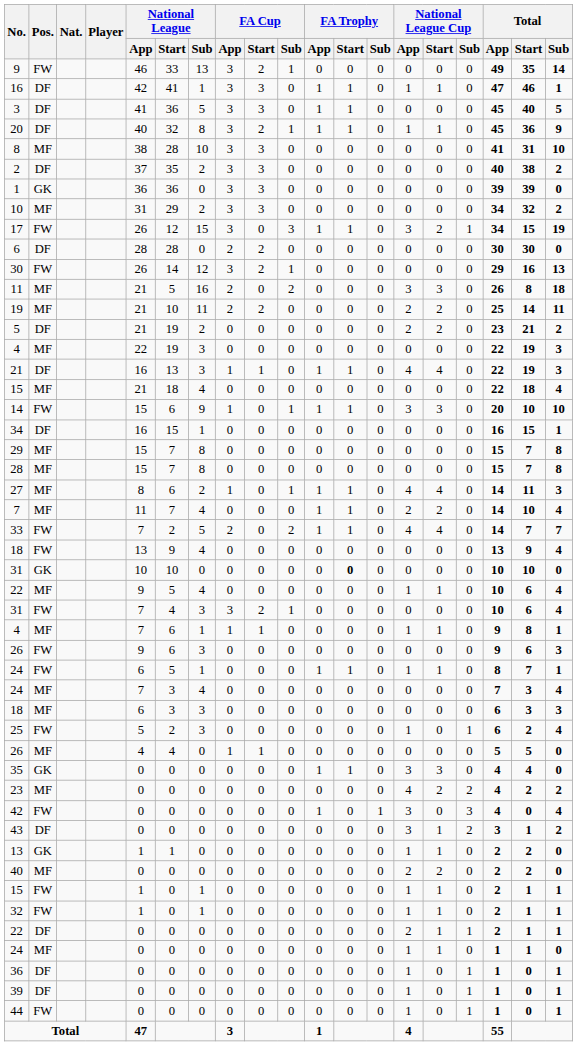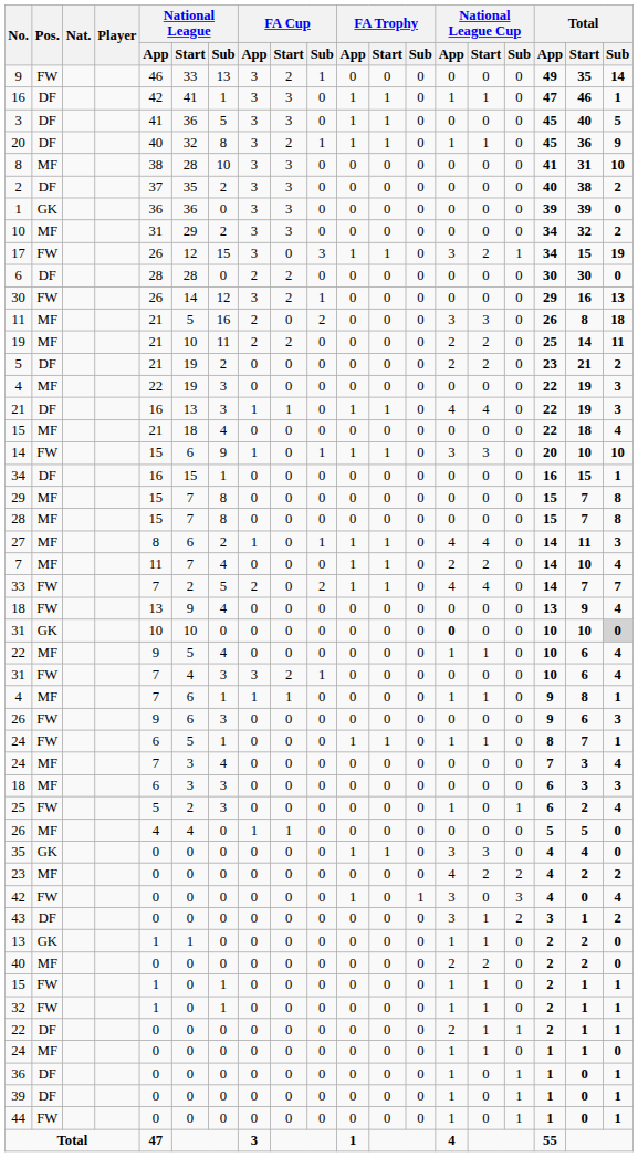 <table class="wikitable" style="text-align:center">
 <tr>
 <th rowspan="2">No.</th>
 <th rowspan="2">Pos.</th>
 <th rowspan="2">Nat.</th>
 <th rowspan="2">Player</th>
 <th colspan="3"><a href='#'>National League</a></th>
 <th colspan="3"><a href='#'>FA Cup</a></th>
 <th colspan="3"><a href='#'>FA Trophy</a></th>
 <th colspan="3"><a href='#'>National League Cup</a></th>
 <th colspan="3">Total</th>
 </tr>
 <tr>
 <th>App</th>
 <th>Start</th>
 <th>Sub</th>
 <th>App</th>
 <th>Start</th>
 <th>Sub</th>
 <th>App</th>
 <th>Start</th>
 <th>Sub</th>
 <th>App</th>
 <th>Start</th>
 <th>Sub</th>
 <th>App</th>
 <th>Start</th>
 <th>Sub</th>
 </tr>
 <tr>
 <td>9</td>
 <td>FW</td>
 <td></td>
 <td align=left></td>
 <td>46</td>
 <td>33</td>
 <td>13</td>
 <td>3</td>
 <td>2</td>
 <td>1</td>
 <td>0</td>
 <td>0</td>
 <td>0</td>
 <td>0</td>
 <td>0</td>
 <td>0</td>
 <td><strong>49</strong></td>
 <td><strong>35</strong></td>
 <td><strong>14</strong></td>
 </tr>
 <tr>
 <td>16</td>
 <td>DF</td>
 <td></td>
 <td align=left></td>
 <td>42</td>
 <td>41</td>
 <td>1</td>
 <td>3</td>
 <td>3</td>
 <td>0</td>
 <td>1</td>
 <td>1</td>
 <td>0</td>
 <td>1</td>
 <td>1</td>
 <td>0</td>
 <td><strong>47</strong></td>
 <td><strong>46</strong></td>
 <td><strong>1</strong></td>
 </tr>
 <tr>
 <td>3</td>
 <td>DF</td>
 <td></td>
 <td align=left></td>
 <td>41</td>
 <td>36</td>
 <td>5</td>
 <td>3</td>
 <td>3</td>
 <td>0</td>
 <td>1</td>
 <td>1</td>
 <td>0</td>
 <td>0</td>
 <td>0</td>
 <td>0</td>
 <td><strong>45</strong></td>
 <td><strong>40</strong></td>
 <td><strong>5</strong></td>
 </tr>
 <tr>
 <td>20</td>
 <td>DF</td>
 <td></td>
 <td align=left></td>
 <td>40</td>
 <td>32</td>
 <td>8</td>
 <td>3</td>
 <td>2</td>
 <td>1</td>
 <td>1</td>
 <td>1</td>
 <td>0</td>
 <td>1</td>
 <td>1</td>
 <td>0</td>
 <td><strong>45</strong></td>
 <td><strong>36</strong></td>
 <td><strong>9</strong></td>
 </tr>
 <tr>
 <td>8</td>
 <td>MF</td>
 <td></td>
 <td align=left></td>
 <td>38</td>
 <td>28</td>
 <td>10</td>
 <td>3</td>
 <td>3</td>
 <td>0</td>
 <td>0</td>
 <td>0</td>
 <td>0</td>
 <td>0</td>
 <td>0</td>
 <td>0</td>
 <td><strong>41</strong></td>
 <td><strong>31</strong></td>
 <td><strong>10</strong></td>
 </tr>
 <tr>
 <td>2</td>
 <td>DF</td>
 <td></td>
 <td align=left></td>
 <td>37</td>
 <td>35</td>
 <td>2</td>
 <td>3</td>
 <td>3</td>
 <td>0</td>
 <td>0</td>
 <td>0</td>
 <td>0</td>
 <td>0</td>
 <td>0</td>
 <td>0</td>
 <td><strong>40</strong></td>
 <td><strong>38</strong></td>
 <td><strong>2</strong></td>
 </tr>
 <tr>
 <td>1</td>
 <td>GK</td>
 <td></td>
 <td align=left></td>
 <td>36</td>
 <td>36</td>
 <td>0</td>
 <td>3</td>
 <td>3</td>
 <td>0</td>
 <td>0</td>
 <td>0</td>
 <td>0</td>
 <td>0</td>
 <td>0</td>
 <td>0</td>
 <td><strong>39</strong></td>
 <td><strong>39</strong></td>
 <td><strong>0</strong></td>
 </tr>
 <tr>
 <td>10</td>
 <td>MF</td>
 <td></td>
 <td align=left></td>
 <td>31</td>
 <td>29</td>
 <td>2</td>
 <td>3</td>
 <td>3</td>
 <td>0</td>
 <td>0</td>
 <td>0</td>
 <td>0</td>
 <td>0</td>
 <td>0</td>
 <td>0</td>
 <td><strong>34</strong></td>
 <td><strong>32</strong></td>
 <td><strong>2</strong></td>
 </tr>
 <tr>
 <td>17</td>
 <td>FW</td>
 <td></td>
 <td align=left></td>
 <td>26</td>
 <td>12</td>
 <td>15</td>
 <td>3</td>
 <td>0</td>
 <td>3</td>
 <td>1</td>
 <td>1</td>
 <td>0</td>
 <td>3</td>
 <td>2</td>
 <td>1</td>
 <td><strong>34</strong></td>
 <td><strong>15</strong></td>
 <td><strong>19</strong></td>
 </tr>
 <tr>
 <td>6</td>
 <td>DF</td>
 <td></td>
 <td align=left></td>
 <td>28</td>
 <td>28</td>
 <td>0</td>
 <td>2</td>
 <td>2</td>
 <td>0</td>
 <td>0</td>
 <td>0</td>
 <td>0</td>
 <td>0</td>
 <td>0</td>
 <td>0</td>
 <td><strong>30</strong></td>
 <td><strong>30</strong></td>
 <td><strong>0</strong></td>
 </tr>
 <tr>
 <td>30</td>
 <td>FW</td>
 <td></td>
 <td align=left></td>
 <td>26</td>
 <td>14</td>
 <td>12</td>
 <td>3</td>
 <td>2</td>
 <td>1</td>
 <td>0</td>
 <td>0</td>
 <td>0</td>
 <td>0</td>
 <td>0</td>
 <td>0</td>
 <td><strong>29</strong></td>
 <td><strong>16</strong></td>
 <td><strong>13</strong></td>
 </tr>
 <tr>
 <td>11</td>
 <td>MF</td>
 <td></td>
 <td align=left></td>
 <td>21</td>
 <td>5</td>
 <td>16</td>
 <td>2</td>
 <td>0</td>
 <td>2</td>
 <td>0</td>
 <td>0</td>
 <td>0</td>
 <td>3</td>
 <td>3</td>
 <td>0</td>
 <td><strong>26</strong></td>
 <td><strong>8</strong></td>
 <td><strong>18</strong></td>
 </tr>
 <tr>
 <td>19</td>
 <td>MF</td>
 <td></td>
 <td align=left></td>
 <td>21</td>
 <td>10</td>
 <td>11</td>
 <td>2</td>
 <td>2</td>
 <td>0</td>
 <td>0</td>
 <td>0</td>
 <td>0</td>
 <td>2</td>
 <td>2</td>
 <td>0</td>
 <td><strong>25</strong></td>
 <td><strong>14</strong></td>
 <td><strong>11</strong></td>
 </tr>
 <tr>
 <td>5</td>
 <td>DF</td>
 <td></td>
 <td align=left></td>
 <td>21</td>
 <td>19</td>
 <td>2</td>
 <td>0</td>
 <td>0</td>
 <td>0</td>
 <td>0</td>
 <td>0</td>
 <td>0</td>
 <td>2</td>
 <td>2</td>
 <td>0</td>
 <td><strong>23</strong></td>
 <td><strong>21</strong></td>
 <td><strong>2</strong></td>
 </tr>
 <tr>
 <td>4</td>
 <td>MF</td>
 <td></td>
 <td align=left></td>
 <td>22</td>
 <td>19</td>
 <td>3</td>
 <td>0</td>
 <td>0</td>
 <td>0</td>
 <td>0</td>
 <td>0</td>
 <td>0</td>
 <td>0</td>
 <td>0</td>
 <td>0</td>
 <td><strong>22</strong></td>
 <td><strong>19</strong></td>
 <td><strong>3</strong></td>
 </tr>
 <tr>
 <td>21</td>
 <td>DF</td>
 <td></td>
 <td align=left></td>
 <td>16</td>
 <td>13</td>
 <td>3</td>
 <td>1</td>
 <td>1</td>
 <td>0</td>
 <td>1</td>
 <td>1</td>
 <td>0</td>
 <td>4</td>
 <td>4</td>
 <td>0</td>
 <td><strong>22</strong></td>
 <td><strong>19</strong></td>
 <td><strong>3</strong></td>
 </tr>
 <tr>
 <td>15</td>
 <td>MF</td>
 <td></td>
 <td align=left></td>
 <td>21</td>
 <td>18</td>
 <td>4</td>
 <td>0</td>
 <td>0</td>
 <td>0</td>
 <td>0</td>
 <td>0</td>
 <td>0</td>
 <td>0</td>
 <td>0</td>
 <td>0</td>
 <td><strong>22</strong></td>
 <td><strong>18</strong></td>
 <td><strong>4</strong></td>
 </tr>
 <tr>
 <td>14</td>
 <td>FW</td>
 <td></td>
 <td align=left></td>
 <td>15</td>
 <td>6</td>
 <td>9</td>
 <td>1</td>
 <td>0</td>
 <td>1</td>
 <td>1</td>
 <td>1</td>
 <td>0</td>
 <td>3</td>
 <td>3</td>
 <td>0</td>
 <td><strong>20</strong></td>
 <td><strong>10</strong></td>
 <td><strong>10</strong></td>
 </tr>
 <tr>
 <td>34</td>
 <td>DF</td>
 <td></td>
 <td align=left></td>
 <td>16</td>
 <td>15</td>
 <td>1</td>
 <td>0</td>
 <td>0</td>
 <td>0</td>
 <td>0</td>
 <td>0</td>
 <td>0</td>
 <td>0</td>
 <td>0</td>
 <td>0</td>
 <td><strong>16</strong></td>
 <td><strong>15</strong></td>
 <td><strong>1</strong></td>
 </tr>
 <tr>
 <td>29</td>
 <td>MF</td>
 <td></td>
 <td align=left></td>
 <td>15</td>
 <td>7</td>
 <td>8</td>
 <td>0</td>
 <td>0</td>
 <td>0</td>
 <td>0</td>
 <td>0</td>
 <td>0</td>
 <td>0</td>
 <td>0</td>
 <td>0</td>
 <td><strong>15</strong></td>
 <td><strong>7</strong></td>
 <td><strong>8</strong></td>
 </tr>
 <tr>
 <td>28</td>
 <td>MF</td>
 <td></td>
 <td align=left></td>
 <td>15</td>
 <td>7</td>
 <td>8</td>
 <td>0</td>
 <td>0</td>
 <td>0</td>
 <td>0</td>
 <td>0</td>
 <td>0</td>
 <td>0</td>
 <td>0</td>
 <td>0</td>
 <td><strong>15</strong></td>
 <td><strong>7</strong></td>
 <td><strong>8</strong></td>
 </tr>
 <tr>
 <td>27</td>
 <td>MF</td>
 <td></td>
 <td align=left></td>
 <td>8</td>
 <td>6</td>
 <td>2</td>
 <td>1</td>
 <td>0</td>
 <td>1</td>
 <td>1</td>
 <td>1</td>
 <td>0</td>
 <td>4</td>
 <td>4</td>
 <td>0</td>
 <td><strong>14</strong></td>
 <td><strong>11</strong></td>
 <td><strong>3</strong></td>
 </tr>
 <tr>
 <td>7</td>
 <td>MF</td>
 <td></td>
 <td align=left></td>
 <td>11</td>
 <td>7</td>
 <td>4</td>
 <td>0</td>
 <td>0</td>
 <td>0</td>
 <td>1</td>
 <td>1</td>
 <td>0</td>
 <td>2</td>
 <td>2</td>
 <td>0</td>
 <td><strong>14</strong></td>
 <td><strong>10</strong></td>
 <td><strong>4</strong></td>
 </tr>
 <tr>
 <td>33</td>
 <td>FW</td>
 <td></td>
 <td align=left></td>
 <td>7</td>
 <td>2</td>
 <td>5</td>
 <td>2</td>
 <td>0</td>
 <td>2</td>
 <td>1</td>
 <td>1</td>
 <td>0</td>
 <td>4</td>
 <td>4</td>
 <td>0</td>
 <td><strong>14</strong></td>
 <td><strong>7</strong></td>
 <td><strong>7</strong></td>
 </tr>
 <tr>
 <td>18</td>
 <td>FW</td>
 <td></td>
 <td align=left></td>
 <td>13</td>
 <td>9</td>
 <td>4</td>
 <td>0</td>
 <td>0</td>
 <td>0</td>
 <td>0</td>
 <td>0</td>
 <td>0</td>
 <td>0</td>
 <td>0</td>
 <td>0</td>
 <td><strong>13</strong></td>
 <td><strong>9</strong></td>
 <td><strong>4</strong></td>
 </tr>
 <tr>
 <td>31</td>
 <td>GK</td>
 <td></td>
 <td align=left></td>
 <td>10</td>
 <td>10</td>
 <td>0</td>
 <td>0</td>
 <td>0</td>
 <td>0</td>
 <td>0</td>
-<td><strong>0</strong></td>
 <td>0</td>
 <td>0</td>
+<td><strong>0</strong></td>
 <td>0</td>
 <td>0</td>
 <td><strong>10</strong></td>
 <td><strong>10</strong></td>
-<td><strong>0</strong></td>
+<td style="background: lightgrey;"><strong>0</strong></td>
 </tr>
 <tr>
 <td>22</td>
 <td>MF</td>
 <td></td>
 <td align=left></td>
 <td>9</td>
 <td>5</td>
 <td>4</td>
 <td>0</td>
 <td>0</td>
 <td>0</td>
 <td>0</td>
 <td>0</td>
 <td>0</td>
 <td>1</td>
 <td>1</td>
 <td>0</td>
 <td><strong>10</strong></td>
 <td><strong>6</strong></td>
 <td><strong>4</strong></td>
 </tr>
 <tr>
 <td>31</td>
 <td>FW</td>
 <td></td>
 <td align=left></td>
 <td>7</td>
 <td>4</td>
 <td>3</td>
 <td>3</td>
 <td>2</td>
 <td>1</td>
 <td>0</td>
 <td>0</td>
 <td>0</td>
 <td>0</td>
 <td>0</td>
 <td>0</td>
 <td><strong>10</strong></td>
 <td><strong>6</strong></td>
 <td><strong>4</strong></td>
 </tr>
 <tr>
 <td>4</td>
 <td>MF</td>
 <td></td>
 <td align=left></td>
 <td>7</td>
 <td>6</td>
 <td>1</td>
 <td>1</td>
 <td>1</td>
 <td>0</td>
 <td>0</td>
 <td>0</td>
 <td>0</td>
 <td>1</td>
 <td>1</td>
 <td>0</td>
 <td><strong>9</strong></td>
 <td><strong>8</strong></td>
 <td><strong>1</strong></td>
 </tr>
 <tr>
 <td>26</td>
 <td>FW</td>
 <td></td>
 <td align=left></td>
 <td>9</td>
 <td>6</td>
 <td>3</td>
 <td>0</td>
 <td>0</td>
 <td>0</td>
 <td>0</td>
 <td>0</td>
 <td>0</td>
 <td>0</td>
 <td>0</td>
 <td>0</td>
 <td><strong>9</strong></td>
 <td><strong>6</strong></td>
 <td><strong>3</strong></td>
 </tr>
 <tr>
 <td>24</td>
 <td>FW</td>
 <td></td>
 <td align=left></td>
 <td>6</td>
 <td>5</td>
 <td>1</td>
 <td>0</td>
 <td>0</td>
 <td>0</td>
 <td>1</td>
 <td>1</td>
 <td>0</td>
 <td>1</td>
 <td>1</td>
 <td>0</td>
 <td><strong>8</strong></td>
 <td><strong>7</strong></td>
 <td><strong>1</strong></td>
 </tr>
 <tr>
 <td>24</td>
 <td>MF</td>
 <td></td>
 <td align=left></td>
 <td>7</td>
 <td>3</td>
 <td>4</td>
 <td>0</td>
 <td>0</td>
 <td>0</td>
 <td>0</td>
 <td>0</td>
 <td>0</td>
 <td>0</td>
 <td>0</td>
 <td>0</td>
 <td><strong>7</strong></td>
 <td><strong>3</strong></td>
 <td><strong>4</strong></td>
 </tr>
 <tr>
 <td>18</td>
 <td>MF</td>
 <td></td>
 <td align=left></td>
 <td>6</td>
 <td>3</td>
 <td>3</td>
 <td>0</td>
 <td>0</td>
 <td>0</td>
 <td>0</td>
 <td>0</td>
 <td>0</td>
 <td>0</td>
 <td>0</td>
 <td>0</td>
 <td><strong>6</strong></td>
 <td><strong>3</strong></td>
 <td><strong>3</strong></td>
 </tr>
 <tr>
 <td>25</td>
 <td>FW</td>
 <td></td>
 <td align=left></td>
 <td>5</td>
 <td>2</td>
 <td>3</td>
 <td>0</td>
 <td>0</td>
 <td>0</td>
 <td>0</td>
 <td>0</td>
 <td>0</td>
 <td>1</td>
 <td>0</td>
 <td>1</td>
 <td><strong>6</strong></td>
 <td><strong>2</strong></td>
 <td><strong>4</strong></td>
 </tr>
 <tr>
 <td>26</td>
 <td>MF</td>
 <td></td>
 <td align=left></td>
 <td>4</td>
 <td>4</td>
 <td>0</td>
 <td>1</td>
 <td>1</td>
 <td>0</td>
 <td>0</td>
 <td>0</td>
 <td>0</td>
 <td>0</td>
 <td>0</td>
 <td>0</td>
 <td><strong>5</strong></td>
 <td><strong>5</strong></td>
 <td><strong>0</strong></td>
 </tr>
 <tr>
 <td>35</td>
 <td>GK</td>
 <td></td>
 <td align=left></td>
 <td>0</td>
 <td>0</td>
 <td>0</td>
 <td>0</td>
 <td>0</td>
 <td>0</td>
 <td>1</td>
 <td>1</td>
 <td>0</td>
 <td>3</td>
 <td>3</td>
 <td>0</td>
 <td><strong>4</strong></td>
 <td><strong>4</strong></td>
 <td><strong>0</strong></td>
 </tr>
 <tr>
 <td>23</td>
 <td>MF</td>
 <td></td>
 <td align=left></td>
 <td>0</td>
 <td>0</td>
 <td>0</td>
 <td>0</td>
 <td>0</td>
 <td>0</td>
 <td>0</td>
 <td>0</td>
 <td>0</td>
 <td>4</td>
 <td>2</td>
 <td>2</td>
 <td><strong>4</strong></td>
 <td><strong>2</strong></td>
 <td><strong>2</strong></td>
 </tr>
 <tr>
 <td>42</td>
 <td>FW</td>
 <td></td>
 <td align=left></td>
 <td>0</td>
 <td>0</td>
 <td>0</td>
 <td>0</td>
 <td>0</td>
 <td>0</td>
 <td>1</td>
 <td>0</td>
 <td>1</td>
 <td>3</td>
 <td>0</td>
 <td>3</td>
 <td><strong>4</strong></td>
 <td><strong>0</strong></td>
 <td><strong>4</strong></td>
 </tr>
 <tr>
 <td>43</td>
 <td>DF</td>
 <td></td>
 <td align=left></td>
 <td>0</td>
 <td>0</td>
 <td>0</td>
 <td>0</td>
 <td>0</td>
 <td>0</td>
 <td>0</td>
 <td>0</td>
 <td>0</td>
 <td>3</td>
 <td>1</td>
 <td>2</td>
 <td><strong>3</strong></td>
 <td><strong>1</strong></td>
 <td><strong>2</strong></td>
 </tr>
 <tr>
 <td>13</td>
 <td>GK</td>
 <td></td>
 <td align=left></td>
 <td>1</td>
 <td>1</td>
 <td>0</td>
 <td>0</td>
 <td>0</td>
 <td>0</td>
 <td>0</td>
 <td>0</td>
 <td>0</td>
 <td>1</td>
 <td>1</td>
 <td>0</td>
 <td><strong>2</strong></td>
 <td><strong>2</strong></td>
 <td><strong>0</strong></td>
 </tr>
 <tr>
 <td>40</td>
 <td>MF</td>
 <td></td>
 <td align=left></td>
 <td>0</td>
 <td>0</td>
 <td>0</td>
 <td>0</td>
 <td>0</td>
 <td>0</td>
 <td>0</td>
 <td>0</td>
 <td>0</td>
 <td>2</td>
 <td>2</td>
 <td>0</td>
 <td><strong>2</strong></td>
 <td><strong>2</strong></td>
 <td><strong>0</strong></td>
 </tr>
 <tr>
 <td>15</td>
 <td>FW</td>
 <td></td>
 <td align=left></td>
 <td>1</td>
 <td>0</td>
 <td>1</td>
 <td>0</td>
 <td>0</td>
 <td>0</td>
 <td>0</td>
 <td>0</td>
 <td>0</td>
 <td>1</td>
 <td>1</td>
 <td>0</td>
 <td><strong>2</strong></td>
 <td><strong>1</strong></td>
 <td><strong>1</strong></td>
 </tr>
 <tr>
 <td>32</td>
 <td>FW</td>
 <td></td>
 <td align=left></td>
 <td>1</td>
 <td>0</td>
 <td>1</td>
 <td>0</td>
 <td>0</td>
 <td>0</td>
 <td>0</td>
 <td>0</td>
 <td>0</td>
 <td>1</td>
 <td>1</td>
 <td>0</td>
 <td><strong>2</strong></td>
 <td><strong>1</strong></td>
 <td><strong>1</strong></td>
 </tr>
 <tr>
 <td>22</td>
 <td>DF</td>
 <td></td>
 <td align=left></td>
 <td>0</td>
 <td>0</td>
 <td>0</td>
 <td>0</td>
 <td>0</td>
 <td>0</td>
 <td>0</td>
 <td>0</td>
 <td>0</td>
 <td>2</td>
 <td>1</td>
 <td>1</td>
 <td><strong>2</strong></td>
 <td><strong>1</strong></td>
 <td><strong>1</strong></td>
 </tr>
 <tr>
 <td>24</td>
 <td>MF</td>
 <td></td>
 <td align=left></td>
 <td>0</td>
 <td>0</td>
 <td>0</td>
 <td>0</td>
 <td>0</td>
 <td>0</td>
 <td>0</td>
 <td>0</td>
 <td>0</td>
 <td>1</td>
 <td>1</td>
 <td>0</td>
 <td><strong>1</strong></td>
 <td><strong>1</strong></td>
 <td><strong>0</strong></td>
 </tr>
 <tr>
 <td>36</td>
 <td>DF</td>
 <td></td>
 <td align=left></td>
 <td>0</td>
 <td>0</td>
 <td>0</td>
 <td>0</td>
 <td>0</td>
 <td>0</td>
 <td>0</td>
 <td>0</td>
 <td>0</td>
 <td>1</td>
 <td>0</td>
 <td>1</td>
 <td><strong>1</strong></td>
 <td><strong>0</strong></td>
 <td><strong>1</strong></td>
 </tr>
 <tr>
 <td>39</td>
 <td>DF</td>
 <td></td>
 <td align=left></td>
 <td>0</td>
 <td>0</td>
 <td>0</td>
 <td>0</td>
 <td>0</td>
 <td>0</td>
 <td>0</td>
 <td>0</td>
 <td>0</td>
 <td>1</td>
 <td>0</td>
 <td>1</td>
 <td><strong>1</strong></td>
 <td><strong>0</strong></td>
 <td><strong>1</strong></td>
 </tr>
 <tr>
 <td>44</td>
 <td>FW</td>
 <td></td>
 <td align=left></td>
 <td>0</td>
 <td>0</td>
 <td>0</td>
 <td>0</td>
 <td>0</td>
 <td>0</td>
 <td>0</td>
 <td>0</td>
 <td>0</td>
 <td>1</td>
 <td>0</td>
 <td>1</td>
 <td><strong>1</strong></td>
 <td><strong>0</strong></td>
 <td><strong>1</strong></td>
 </tr>
 <tr class="sortbottom">
 <td colspan=4><strong>Total</strong></td>
 <td colspan=1><strong>47</strong></td>
 <td colspan=2></td>
 <td colspan=1><strong>3</strong></td>
 <td colspan=2></td>
 <td colspan=1><strong>1</strong></td>
 <td colspan=2></td>
 <td colspan=1><strong>4</strong></td>
 <td colspan=2></td>
 <td colspan=1><strong>55</strong></td>
 <td colspan=2></td>
 </tr>
 </table>
